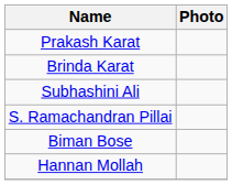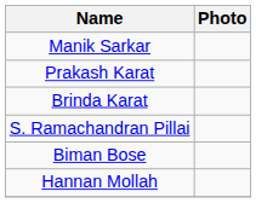 <table class="wikitable sortable" style="text-align:center">
 <tr>
 <th Style="background-color:">Name</th>
 <th Style="background-color:">Photo</th>
+</tr>
+<tr>
+<td><a href='#'>Manik Sarkar</a></td>
+<td></td>
 </tr>
 <tr>
 <td><a href='#'>Prakash Karat</a></td>
 <td></td>
 </tr>
 <tr>
 <td><a href='#'>Brinda Karat</a></td>
-<td></td>
-</tr>
-<tr>
-<td><a href='#'>Subhashini Ali</a></td>
 <td></td>
 </tr>
 <tr>
 <td><a href='#'>S. Ramachandran Pillai</a></td>
 <td></td>
 </tr>
 <tr>
 <td><a href='#'>Biman Bose</a></td>
 <td></td>
 </tr>
 <tr>
 <td><a href='#'>Hannan Mollah</a></td>
 <td></td>
 </tr>
 <tr>
 </tr>
 </table>
